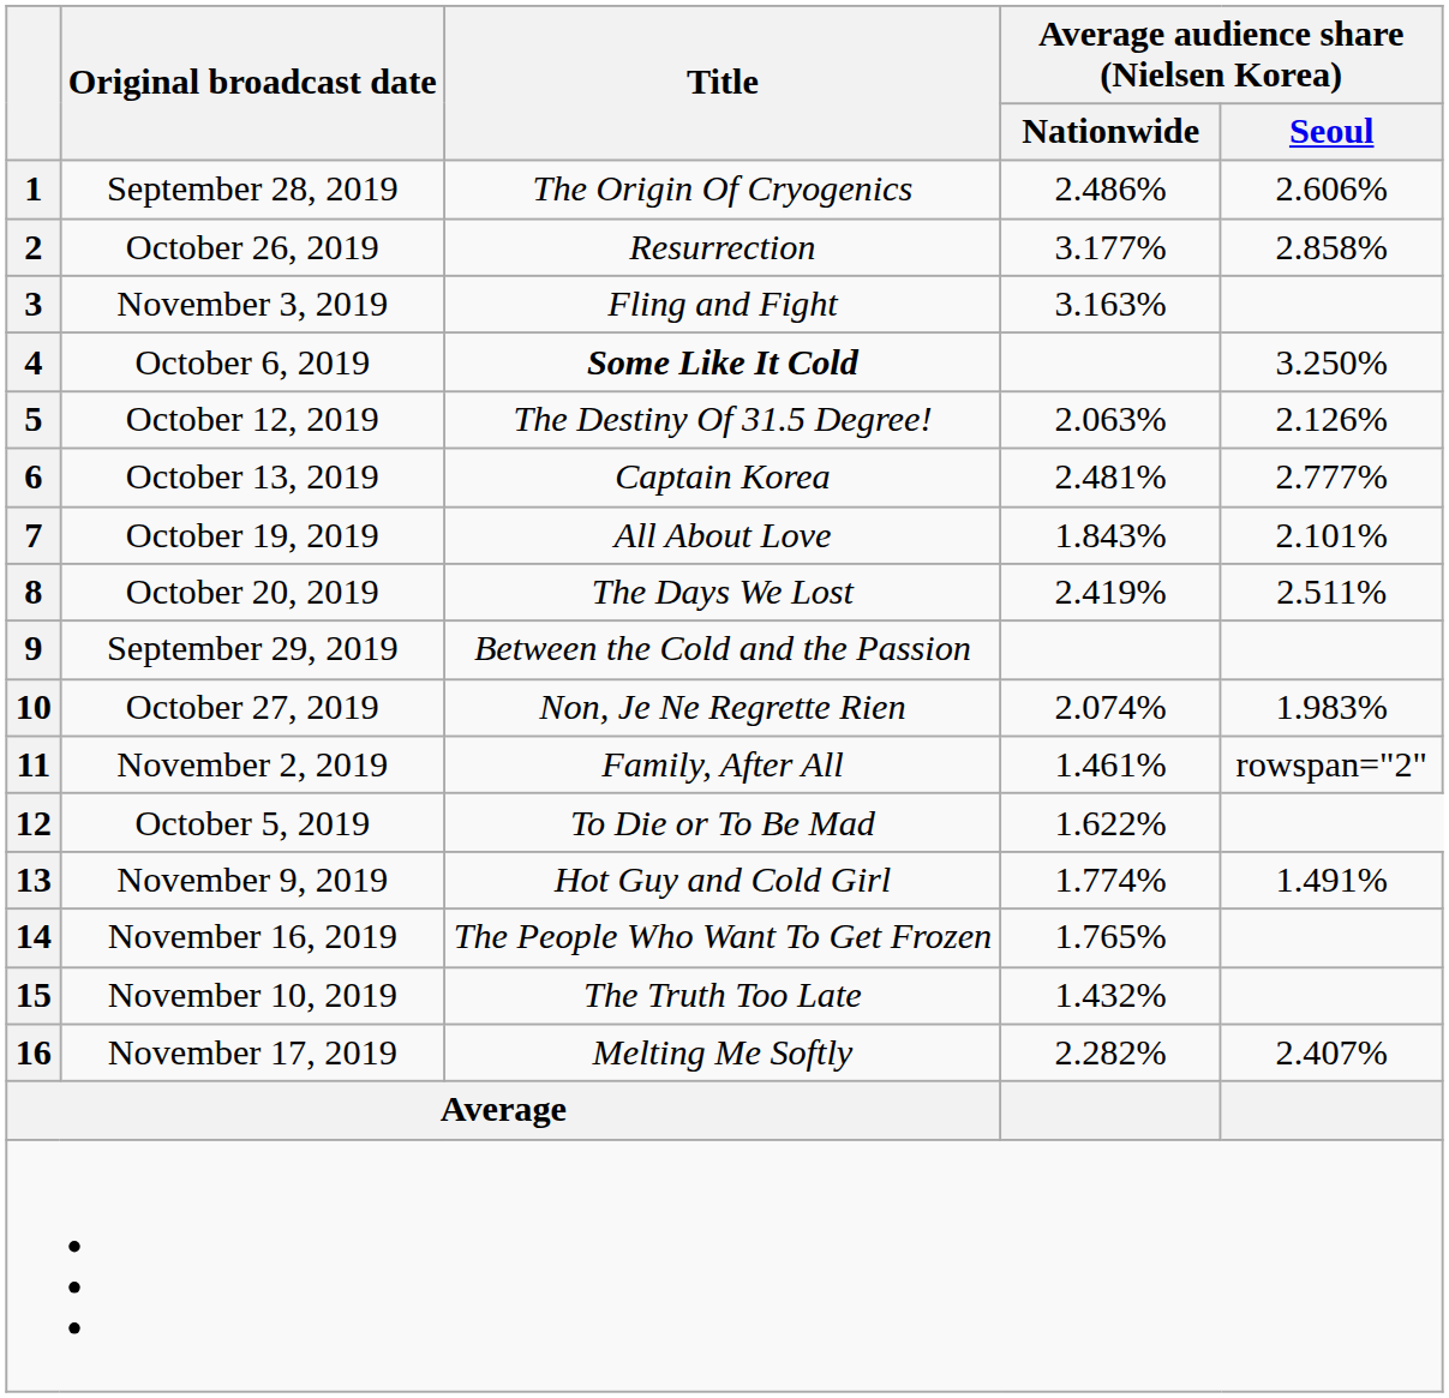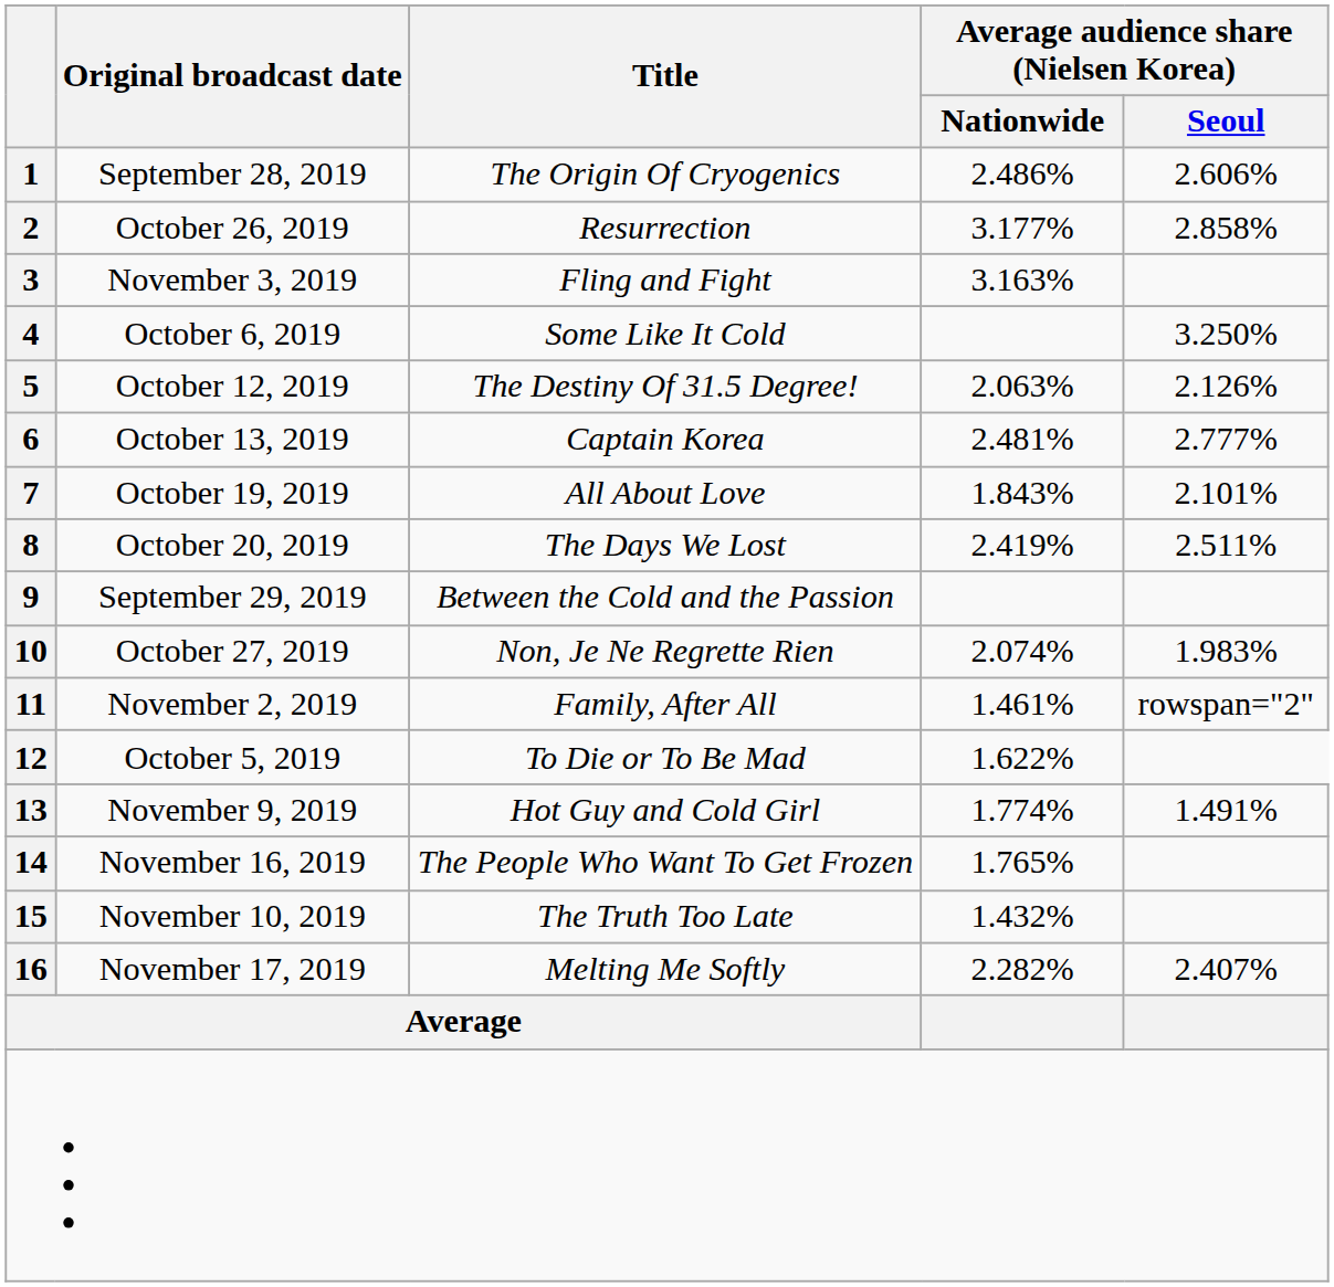 <table class="wikitable" style="text-align:center;max-width:750px; margin-left: auto; margin-right: auto; border: none;">
 <tr>
 </tr>
 <tr>
 <th rowspan="2"></th>
 <th rowspan="2">Original broadcast date</th>
 <th rowspan="2">Title</th>
 <th colspan="2">Average audience share<br>(Nielsen Korea)</th>
 </tr>
 <tr>
 <th width="90">Nationwide</th>
 <th width="90"><a href='#'>Seoul</a></th>
 </tr>
 <tr>
 <th>1</th>
 <td>September 28, 2019</td>
 <td><em>The Origin Of Cryogenics</em></td>
 <td>2.486%</td>
 <td>2.606%</td>
 </tr>
 <tr>
 <th>2</th>
 <td>October 26, 2019</td>
 <td><em>Resurrection</em></td>
 <td>3.177%</td>
 <td>2.858%</td>
 </tr>
 <tr>
 <th>3</th>
 <td>November 3, 2019</td>
 <td><em>Fling and Fight</em></td>
 <td>3.163%</td>
 <td><strong></strong></td>
 </tr>
 <tr>
 <th>4</th>
 <td>October 6, 2019</td>
-<td><strong><em>Some Like It Cold</em></strong></td>
+<td><em>Some Like It Cold</em></td>
 <td><strong></strong></td>
 <td>3.250%</td>
 </tr>
 <tr>
 <th>5</th>
 <td>October 12, 2019</td>
 <td><em>The Destiny Of 31.5 Degree!</em></td>
 <td>2.063%</td>
 <td>2.126%</td>
 </tr>
 <tr>
 <th>6</th>
 <td>October 13, 2019</td>
 <td><em>Captain Korea</em></td>
 <td>2.481%</td>
 <td>2.777%</td>
 </tr>
 <tr>
 <th>7</th>
 <td>October 19, 2019</td>
 <td><em>All About Love</em></td>
 <td>1.843%</td>
 <td>2.101%</td>
 </tr>
 <tr>
 <th>8</th>
 <td>October 20, 2019</td>
 <td><em>The Days We Lost</em></td>
 <td>2.419%</td>
 <td>2.511%</td>
 </tr>
 <tr>
 <th>9</th>
 <td>September 29, 2019</td>
 <td><em>Between the Cold and the Passion</em></td>
 <td><strong></strong></td>
 <td></td>
 </tr>
 <tr>
 <th>10</th>
 <td>October 27, 2019</td>
 <td><em>Non, Je Ne Regrette Rien</em></td>
 <td>2.074%</td>
 <td>1.983%</td>
 </tr>
 <tr>
 <th>11</th>
 <td>November 2, 2019</td>
 <td><em>Family, After All</em></td>
 <td>1.461%</td>
 <td>rowspan="2" </td>
 </tr>
 <tr>
 <th>12</th>
 <td>October 5, 2019</td>
 <td><em>To Die or To Be Mad</em></td>
 <td>1.622%</td>
 </tr>
 <tr>
 <th>13</th>
 <td>November 9, 2019</td>
 <td><em>Hot Guy and Cold Girl</em></td>
 <td>1.774%</td>
 <td>1.491%</td>
 </tr>
 <tr>
 <th>14</th>
 <td>November 16, 2019</td>
 <td><em>The People Who Want To Get Frozen</em></td>
 <td>1.765%</td>
 <td><strong></strong></td>
 </tr>
 <tr>
 <th>15</th>
 <td>November 10, 2019</td>
 <td><em>The Truth Too Late</em></td>
 <td>1.432%</td>
 <td></td>
 </tr>
 <tr>
 <th>16</th>
 <td>November 17, 2019</td>
 <td><em>Melting Me Softly</em></td>
 <td>2.282%</td>
 <td>2.407%</td>
 </tr>
 <tr>
 <th colspan="3">Average</th>
 <th></th>
 <th></th>
 </tr>
 <tr>
 <td colspan="6"><br><ul><li></li><li></li><li></li></ul></td>
 </tr>
 </table>
